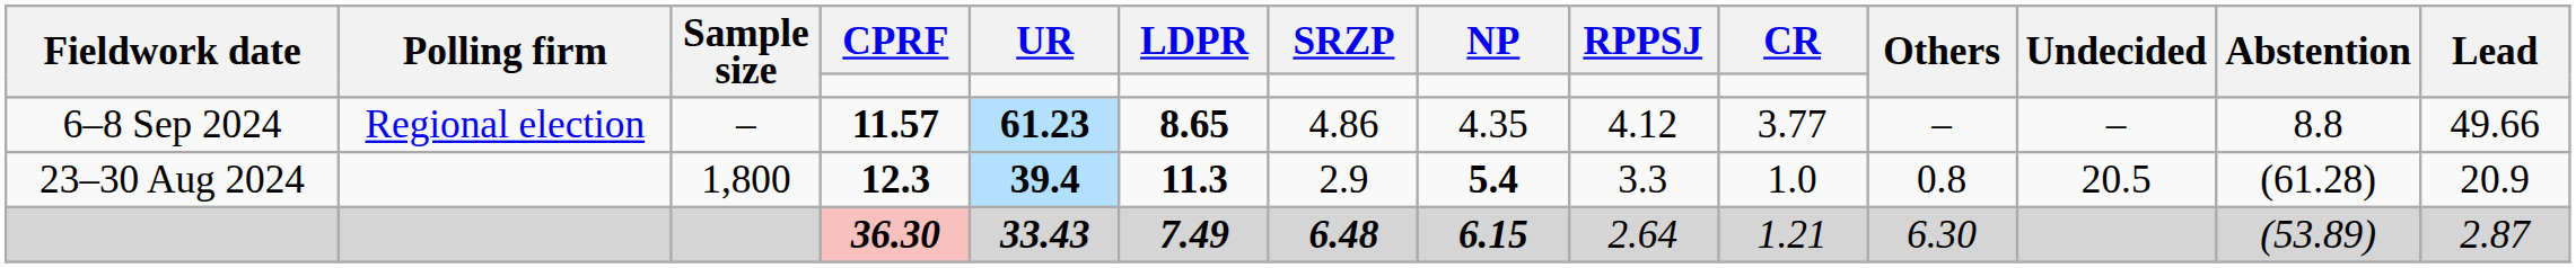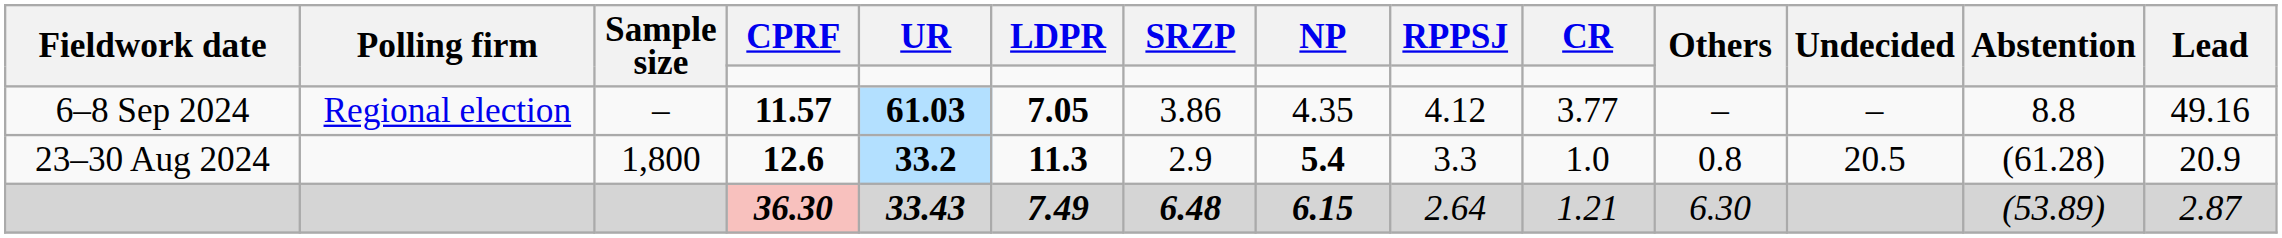 <table class=wikitable style="font-size:95%; line-height:14px; text-align:center">
 <tr>
 <th style=width:120px; rowspan=2>Fieldwork date</th>
 <th style=width:120px; rowspan=2>Polling firm</th>
 <th style=width:50px; rowspan=2>Sample<br>size</th>
 <th style="width:50px;"><a href='#'>CPRF</a></th>
 <th style="width:50px;"><a href='#'>UR</a></th>
 <th style="width:50px;"><a href='#'>LDPR</a></th>
 <th style="width:50px;"><a href='#'>SRZP</a></th>
 <th style="width:50px;"><a href='#'>NP</a></th>
 <th style="width:50px;"><a href='#'>RPPSJ</a></th>
 <th style="width:50px;"><a href='#'>CR</a></th>
 <th style="width:50px;" rowspan=2>Others</th>
 <th style="width:50px;" rowspan=2>Undecided</th>
 <th style="width:50px;" rowspan=2>Abstention</th>
 <th style="width:50px;" rowspan="2">Lead</th>
 </tr>
 <tr>
 <td bgcolor=></td>
 <td bgcolor=></td>
 <td bgcolor=></td>
 <td bgcolor=></td>
 <td bgcolor=></td>
 <td bgcolor=></td>
 <td bgcolor=></td>
 </tr>
 <tr>
 <td>6–8 Sep 2024</td>
 <td><a href='#'>Regional election</a></td>
 <td>–</td>
 <td><strong>11.57</strong></td>
-<td style="background:#B3E0FF"><strong>61.23</strong></td>
-<td><strong>8.65</strong></td>
-<td>4.86</td>
+<td style="background:#B3E0FF"><strong>61.03</strong></td>
+<td><strong>7.05</strong></td>
+<td>3.86</td>
 <td>4.35</td>
 <td>4.12</td>
 <td>3.77</td>
 <td>–</td>
 <td>–</td>
 <td>8.8</td>
-<td style="background:">49.66</td>
+<td style="background:">49.16</td>
 </tr>
 <tr>
 <td>23–30 Aug 2024</td>
 <td></td>
 <td>1,800</td>
-<td><strong>12.3</strong></td>
-<td style="background:#B3E0FF"><strong>39.4</strong></td>
+<td><strong>12.6</strong></td>
+<td style="background:#B3E0FF"><strong>33.2</strong></td>
 <td><strong>11.3</strong></td>
 <td>2.9</td>
 <td><strong>5.4</strong></td>
 <td>3.3</td>
 <td>1.0</td>
 <td>0.8</td>
 <td>20.5</td>
 <td>(61.28)</td>
 <td style="background:">20.9</td>
 </tr>
 <tr style="background:#D5D5D5">
 <td></td>
 <td></td>
 <td></td>
 <td style="background:#F8C1BE"><strong><em>36.30</em></strong></td>
 <td><strong><em>33.43</em></strong></td>
 <td><strong><em>7.49</em></strong></td>
 <td><strong><em>6.48</em></strong></td>
 <td><strong><em>6.15</em></strong></td>
 <td><em>2.64</em></td>
 <td><em>1.21</em></td>
 <td><em>6.30</em></td>
 <td></td>
 <td><em>(53.89)</em></td>
 <td style="background:"><em>2.87</em></td>
 </tr>
 </table>
